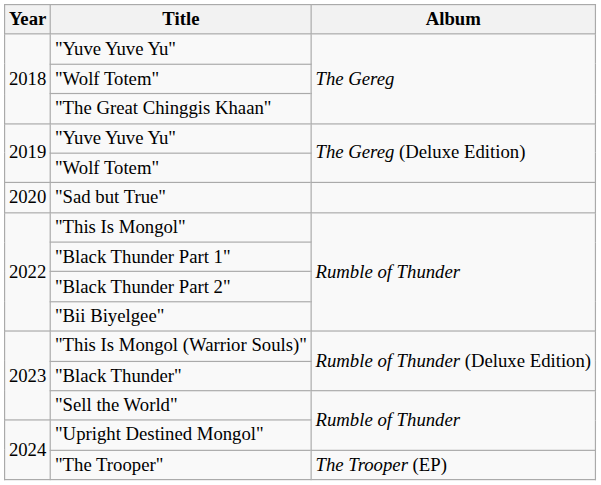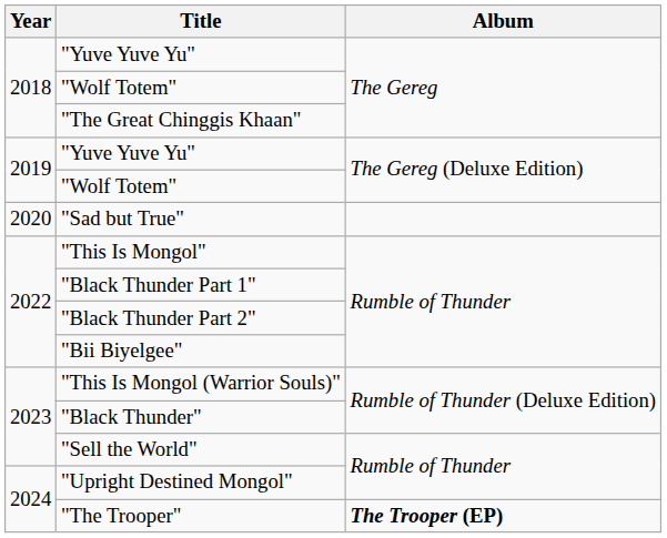 <table class="wikitable">
 <tr>
 <th>Year</th>
 <th>Title</th>
 <th>Album</th>
 </tr>
 <tr>
 <td rowspan=3>2018</td>
 <td>"Yuve Yuve Yu"</td>
 <td rowspan=3><em>The Gereg</em></td>
 </tr>
 <tr>
 <td>"Wolf Totem"</td>
 </tr>
 <tr>
 <td>"The Great Chinggis Khaan"</td>
 </tr>
 <tr>
 <td rowspan=2>2019</td>
 <td>"Yuve Yuve Yu"<br></td>
 <td rowspan=2><em>The Gereg</em> (Deluxe Edition)</td>
 </tr>
 <tr>
 <td>"Wolf Totem"<br></td>
 </tr>
 <tr>
 <td>2020</td>
 <td>"Sad but True"</td>
 <td></td>
 </tr>
 <tr>
 <td rowspan=4>2022</td>
 <td>"This Is Mongol"</td>
 <td rowspan=4><em>Rumble of Thunder</em></td>
 </tr>
 <tr>
 <td>"Black Thunder Part 1"</td>
 </tr>
 <tr>
 <td>"Black Thunder Part 2"</td>
 </tr>
 <tr>
 <td>"Bii Biyelgee"</td>
 </tr>
 <tr>
 <td rowspan=3>2023</td>
 <td>"This Is Mongol (Warrior Souls)"<br></td>
 <td rowspan=2><em>Rumble of Thunder</em> (Deluxe Edition)</td>
 </tr>
 <tr>
 <td>"Black Thunder"<br></td>
 </tr>
 <tr>
 <td>"Sell the World"</td>
 <td rowspan=2><em>Rumble of Thunder</em></td>
 </tr>
 <tr>
 <td rowspan=2>2024</td>
 <td>"Upright Destined Mongol"</td>
 </tr>
 <tr>
 <td>"The Trooper"</td>
-<td><em>The Trooper</em> (EP)</td>
+<td><strong><em>The Trooper</em> (EP)</strong></td>
 </tr>
 </table>
